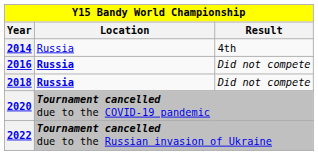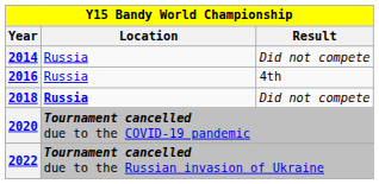 <table class="wikitable" style="text-align:left; font-size:90%;">
 <tr>
 <th colspan=3 style="background:yellow;">Y15 Bandy World Championship</th>
 </tr>
 <tr>
 <th>Year</th>
 <th width=200>Location</th>
 <th style="text-align:center">Result</th>
 </tr>
 <tr>
 <th><a href='#'>2014</a></th>
 <td> <a href='#'>Russia</a></td>
-<td>4th</td>
+<td><em>Did not compete</em></td>
 </tr>
 <tr>
 <th><a href='#'>2016</a></th>
-<td><strong> <a href='#'>Russia</a></strong></td>
-<td><em>Did not compete</em></td>
+<td> <a href='#'>Russia</a></td>
+<td>4th</td>
 </tr>
 <tr>
 <th><a href='#'>2018</a></th>
 <td><strong> <a href='#'>Russia</a></strong></td>
 <td><em>Did not compete</em></td>
 </tr>
 <tr>
 <th><a href='#'>2020</a></th>
 <td style="background:silver" colspan=2><strong><em>Tournament cancelled</em></strong><br>due to the <a href='#'>COVID-19 pandemic</a></td>
 </tr>
 <tr>
 <th><a href='#'>2022</a></th>
 <td style="background:silver" colspan=2><strong><em>Tournament cancelled</em></strong><br>due to the <a href='#'>Russian invasion of Ukraine</a></td>
 </tr>
 </table>
